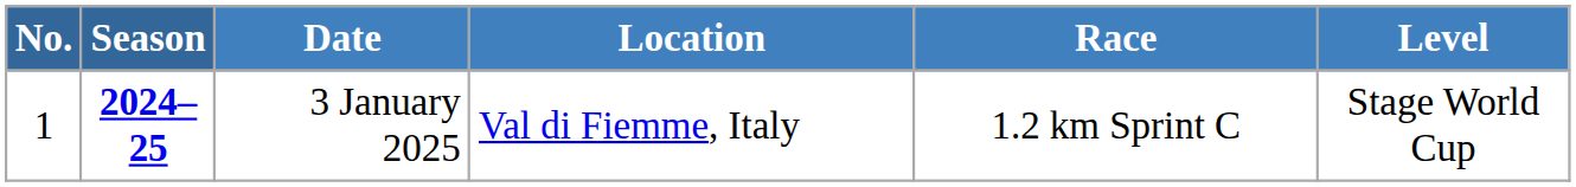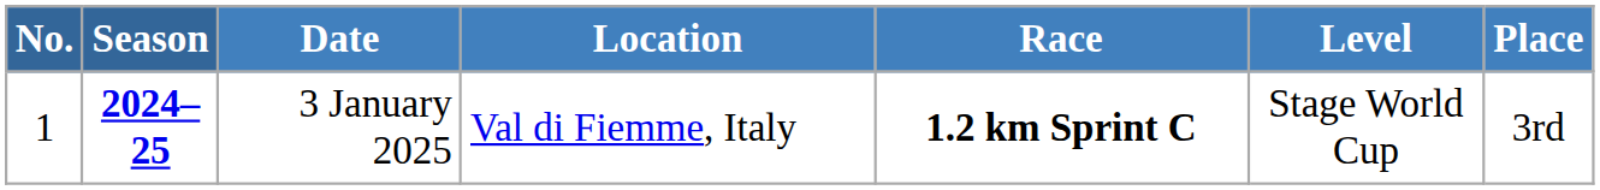 <table class="wikitable sortable" style="font-size:95%; text-align:center; border:grey solid 1px; border-collapse:collapse; background:#ffffff;">
 <tr style="background:#efefef;">
 <th style="background-color:#369; color:white;">No.</th>
 <th style="background-color:#369; color:white;">Season</th>
 <th style="background-color:#4180be; color:white; width:100px;">Date</th>
 <th style="background-color:#4180be; color:white; width:185px;">Location</th>
 <th style="background-color:#4180be; color:white; width:170px;">Race</th>
 <th style="background-color:#4180be; color:white; width:100px;">Level</th>
+<th style="background-color:#4180be; color:white;">Place</th>
 </tr>
 <tr>
 <td align=center>1</td>
 <td align="center"><strong><a href='#'>2024–25</a></strong></td>
 <td align=right>3 January 2025</td>
 <td align=left> <a href='#'>Val di Fiemme</a>, Italy</td>
-<td>1.2 km Sprint C</td>
+<td><strong>1.2 km Sprint C</strong></td>
 <td>Stage World Cup</td>
+<td>3rd</td>
 </tr>
 </table>
